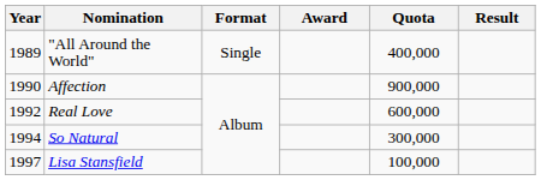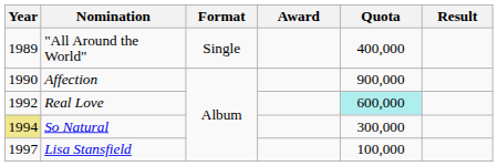 <table class="wikitable" style="text-align:center;">
 <tr>
 <th width="30">Year</th>
 <th width="150">Nomination</th>
 <th width="71">Format</th>
 <th width="82">Award</th>
 <th width="82">Quota</th>
 <th width="70">Result</th>
 </tr>
 <tr>
 <td>1989</td>
 <td align="left">"All Around the World"</td>
 <td>Single</td>
 <td></td>
 <td>400,000</td>
 <td></td>
 </tr>
 <tr>
 <td>1990</td>
 <td align="left"><em>Affection</em></td>
 <td rowspan="4">Album</td>
 <td></td>
 <td>900,000</td>
 <td></td>
 </tr>
 <tr>
 <td>1992</td>
 <td align="left"><em>Real Love</em></td>
 <td></td>
-<td>600,000</td>
+<td style="background: paleturquoise;">600,000</td>
 <td></td>
 </tr>
 <tr>
-<td>1994</td>
+<td style="background: khaki;">1994</td>
 <td align="left"><em><a href='#'>So Natural</a></em></td>
 <td></td>
 <td>300,000</td>
 <td></td>
 </tr>
 <tr>
 <td>1997</td>
 <td align="left"><em><a href='#'>Lisa Stansfield</a></em></td>
 <td></td>
 <td>100,000</td>
 <td></td>
 </tr>
 </table>
